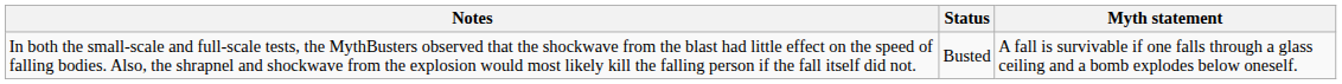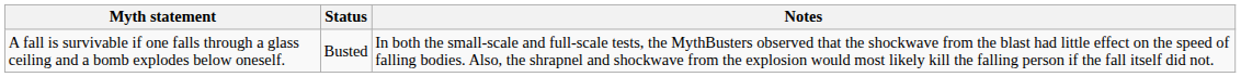 <table class="wikitable plainrowheaders">
 <tr>
+<th>Myth statement</th>
+<th>Status</th>
 <th>Notes</th>
-<th>Status</th>
-<th>Myth statement</th>
 </tr>
 <tr>
+<td>A  fall is survivable if one falls through a glass ceiling and a  bomb explodes below oneself.</td>
+<td><span>Busted</span></td>
 <td>In both the small-scale and full-scale tests, the MythBusters observed that the shockwave from the blast had little effect on the speed of falling bodies. Also, the shrapnel and shockwave from the explosion would most likely kill the falling person if the fall itself did not.</td>
-<td><span>Busted</span></td>
-<td>A  fall is survivable if one falls through a glass ceiling and a  bomb explodes below oneself.</td>
 </tr>
 </table>
